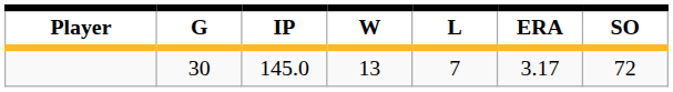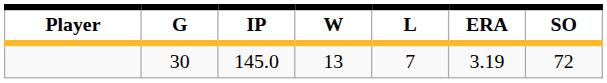 <table class="wikitable sortable">
 <tr>
 <th style="background:#FFFFFF; border-top:#000000 5px solid; border-bottom:#FDB827 5px solid;" width="16%">Player</th>
 <th style="background:#FFFFFF; border-top:#000000 5px solid; border-bottom:#FDB827 5px solid;" width="9%">G</th>
 <th style="background:#FFFFFF; border-top:#000000 5px solid; border-bottom:#FDB827 5px solid;" width="9%">IP</th>
 <th style="background:#FFFFFF; border-top:#000000 5px solid; border-bottom:#FDB827 5px solid;" width="9%">W</th>
 <th style="background:#FFFFFF; border-top:#000000 5px solid; border-bottom:#FDB827 5px solid;" width="9%">L</th>
 <th style="background:#FFFFFF; border-top:#000000 5px solid; border-bottom:#FDB827 5px solid;" width="9%">ERA</th>
 <th style="background:#FFFFFF; border-top:#000000 5px solid; border-bottom:#FDB827 5px solid;" width="9%">SO</th>
 </tr>
 <tr align="center">
 <td></td>
 <td>30</td>
 <td>145.0</td>
 <td>13</td>
 <td>7</td>
-<td>3.17</td>
+<td>3.19</td>
 <td>72</td>
 </tr>
 </table>
